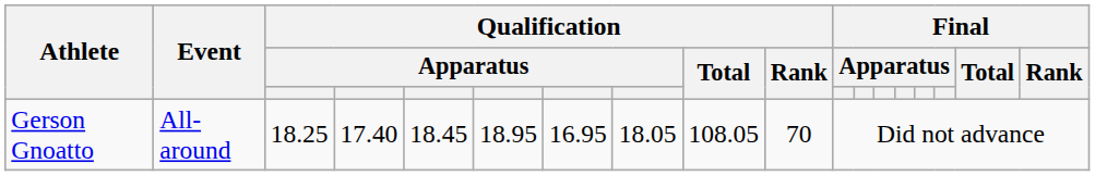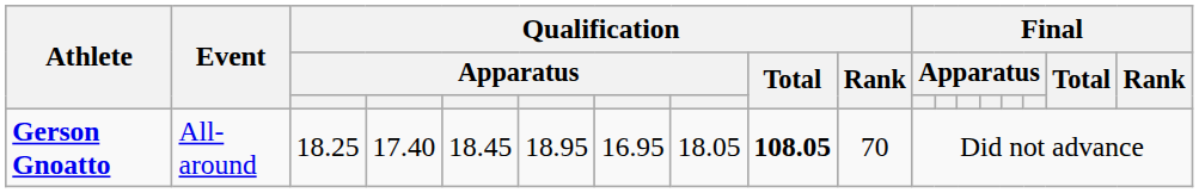 <table class="wikitable" style="font-size:90%">
 <tr>
 <th rowspan=3>Athlete</th>
 <th rowspan=3>Event</th>
 <th colspan =8>Qualification</th>
 <th colspan =8>Final</th>
 </tr>
 <tr style="font-size:95%">
 <th colspan=6>Apparatus</th>
 <th rowspan=2>Total</th>
 <th rowspan=2>Rank</th>
 <th colspan=6>Apparatus</th>
 <th rowspan=2>Total</th>
 <th rowspan=2>Rank</th>
 </tr>
 <tr style="font-size:95%">
 <th></th>
 <th></th>
 <th></th>
 <th></th>
 <th></th>
 <th></th>
 <th></th>
 <th></th>
 <th></th>
 <th></th>
 <th></th>
 <th></th>
 </tr>
 <tr align=center>
-<td align=left><a href='#'>Gerson Gnoatto</a></td>
+<td align=left><strong><a href='#'>Gerson Gnoatto</a></strong></td>
 <td align=left><a href='#'>All-around</a></td>
 <td>18.25</td>
 <td>17.40</td>
 <td>18.45</td>
 <td>18.95</td>
 <td>16.95</td>
 <td>18.05</td>
-<td>108.05</td>
+<td><strong>108.05</strong></td>
 <td>70</td>
 <td colspan=8>Did not advance</td>
 </tr>
 </table>
